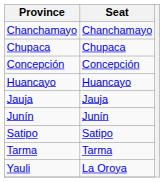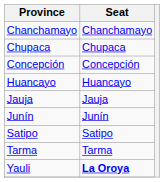 <table class="wikitable">
 <tr>
 <th>Province</th>
 <th>Seat</th>
 <th rowspan=17></th>
 </tr>
 <tr>
 <td><a href='#'>Chanchamayo</a></td>
 <td><a href='#'>Chanchamayo</a></td>
 </tr>
 <tr>
 <td><a href='#'>Chupaca</a></td>
 <td><a href='#'>Chupaca</a></td>
 </tr>
 <tr>
 <td><a href='#'>Concepción</a></td>
 <td><a href='#'>Concepción</a></td>
 </tr>
 <tr>
 <td><a href='#'>Huancayo</a></td>
 <td><a href='#'>Huancayo</a></td>
 </tr>
 <tr>
 <td><a href='#'>Jauja</a></td>
 <td><a href='#'>Jauja</a></td>
 </tr>
 <tr>
 <td><a href='#'>Junín</a></td>
 <td><a href='#'>Junín</a></td>
 </tr>
 <tr>
 <td><a href='#'>Satipo</a></td>
 <td><a href='#'>Satipo</a></td>
 </tr>
 <tr>
 <td><a href='#'>Tarma</a></td>
 <td><a href='#'>Tarma</a></td>
 </tr>
 <tr>
 <td><a href='#'>Yauli</a></td>
-<td><a href='#'>La Oroya</a></td>
+<td><strong><a href='#'>La Oroya</a></strong></td>
 </tr>
 <tr>
 </tr>
 </table>
